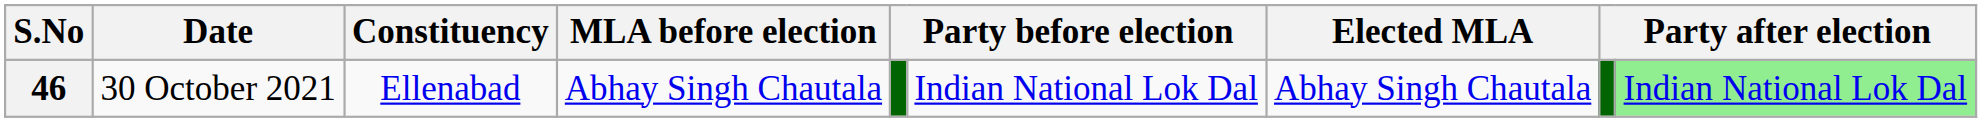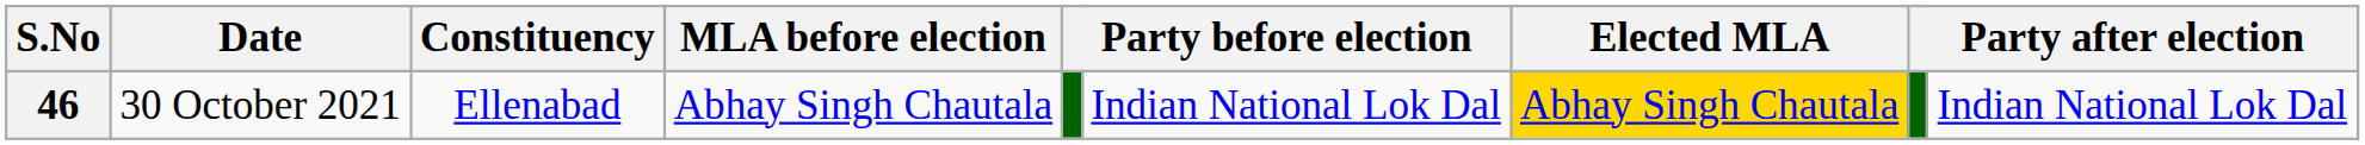 <table class="wikitable sortable" style="text-align:center;">
 <tr>
 <th>S.No</th>
 <th>Date</th>
 <th>Constituency</th>
 <th>MLA before election</th>
 <th colspan="2">Party before election</th>
 <th>Elected MLA</th>
 <th colspan="2">Party after election</th>
 </tr>
 <tr>
 <th>46</th>
 <td>30 October 2021</td>
 <td><a href='#'>Ellenabad</a></td>
 <td><a href='#'>Abhay Singh Chautala</a></td>
 <td bgcolor=#006400></td>
 <td><a href='#'>Indian National Lok Dal</a></td>
-<td><a href='#'>Abhay Singh Chautala</a></td>
+<td style="background: gold;"><a href='#'>Abhay Singh Chautala</a></td>
 <td bgcolor=#006400></td>
-<td style="background: lightgreen;"><a href='#'>Indian National Lok Dal</a></td>
+<td><a href='#'>Indian National Lok Dal</a></td>
 </tr>
 </table>
